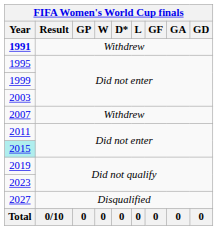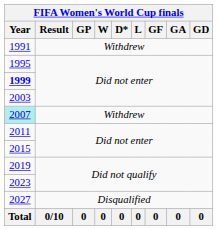 <table class="wikitable" style="text-align: center; width:50%;">
 <tr>
 <th colspan=10><a href='#'>FIFA Women's World Cup finals</a></th>
 </tr>
 <tr>
 <th>Year</th>
 <th>Result</th>
 <th>GP</th>
 <th>W</th>
 <th>D*</th>
 <th>L</th>
 <th>GF</th>
 <th>GA</th>
 <th>GD</th>
 </tr>
 <tr>
-<td><strong> <a href='#'>1991</a></strong></td>
+<td> <a href='#'>1991</a></td>
 <td colspan=8><em>Withdrew</em></td>
 </tr>
 <tr>
 <td> <a href='#'>1995</a></td>
 <td colspan=8 rowspan=3><em>Did not enter</em></td>
 </tr>
 <tr>
-<td> <a href='#'>1999</a></td>
+<td><strong> <a href='#'>1999</a></strong></td>
 </tr>
 <tr>
 <td> <a href='#'>2003</a></td>
 </tr>
 <tr>
-<td> <a href='#'>2007</a></td>
+<td style="background: paleturquoise;"> <a href='#'>2007</a></td>
 <td colspan=8><em>Withdrew</em></td>
 </tr>
 <tr>
 <td> <a href='#'>2011</a></td>
 <td colspan=8 rowspan=2><em>Did not enter</em></td>
 </tr>
 <tr>
-<td style="background: paleturquoise;"> <a href='#'>2015</a></td>
+<td> <a href='#'>2015</a></td>
 </tr>
 <tr>
 <td> <a href='#'>2019</a></td>
 <td colspan=8 rowspan=2><em>Did not qualify</em></td>
 </tr>
 <tr>
 <td> <a href='#'>2023</a></td>
 </tr>
 <tr>
 <td> <a href='#'>2027</a></td>
 <td colspan=8><em>Disqualified</em></td>
 </tr>
 <tr>
 <th>Total</th>
 <th>0/10</th>
 <th>0</th>
 <th>0</th>
 <th>0</th>
 <th>0</th>
 <th>0</th>
 <th>0</th>
 <th>0</th>
 </tr>
 </table>
